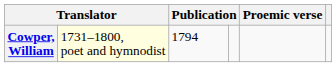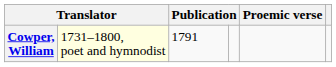 <table class="wikitable" ">
 <tr>
 <th scope="col" colspan="2">Translator</th>
 <th scope="col" colspan="2">Publication</th>
 <th scope="col">Proemic verse</th>
 <th scope="col"></th>
 </tr>
 <tr valign="top">
 <th><a href='#'>Cowper,<br>William</a></th>
 <td style="background: lightyellow;">1731–1800,<br>poet and hymnodist</td>
-<td>1794</td>
+<td>1791</td>
 <td London, J. Johnson></td>
 <td style=white-space:nowrap><br><blockquote></blockquote> <blockquote></blockquote></td>
 <td></td>
 </tr>
 </table>
